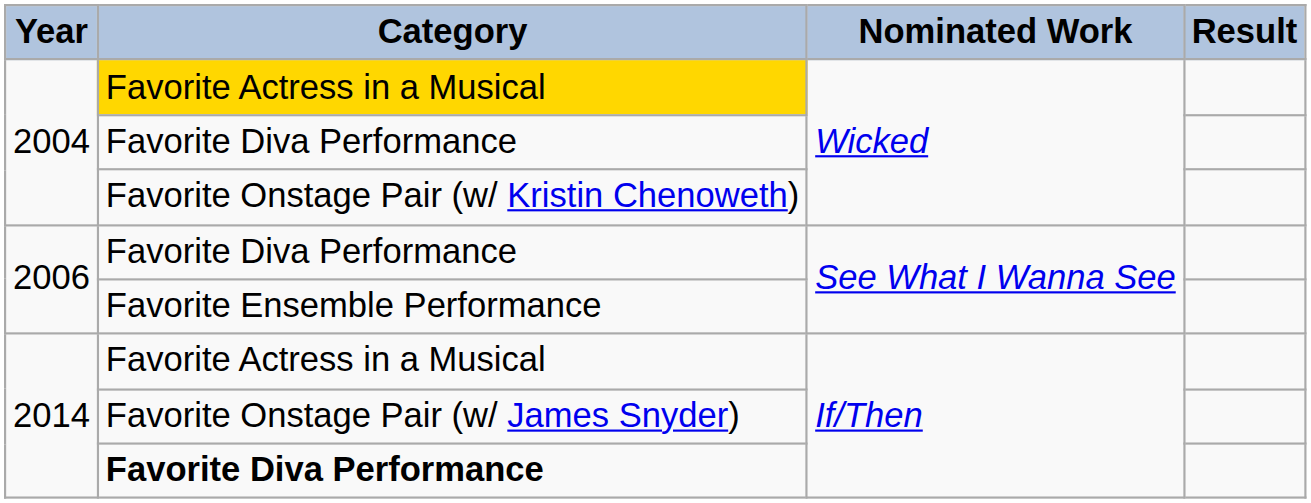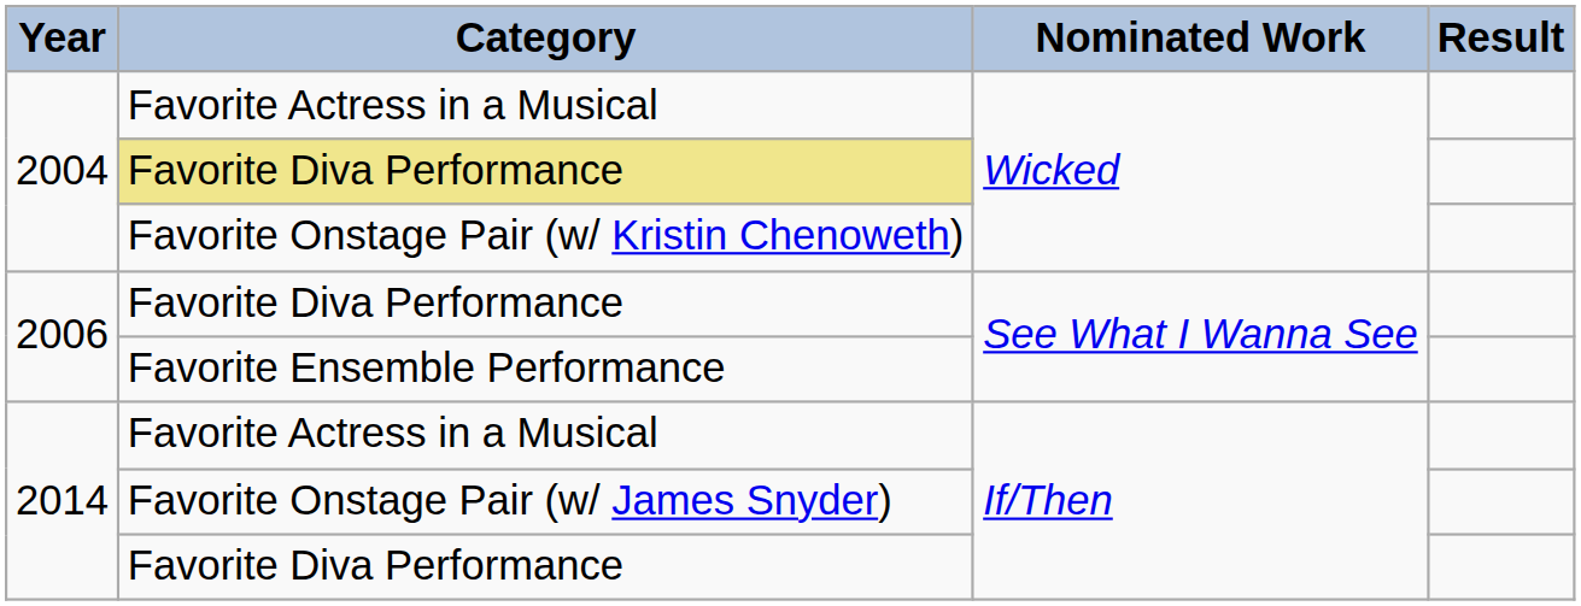 <table class="wikitable">
 <tr align="center">
 <th style="background:#B0C4DE">Year</th>
 <th style="background:#B0C4DE">Category</th>
 <th style="background:#B0C4DE">Nominated Work</th>
 <th style="background:#B0C4DE">Result</th>
 </tr>
 <tr>
 <td rowspan="3">2004</td>
-<td style="background: gold;">Favorite Actress in a Musical</td>
+<td>Favorite Actress in a Musical</td>
 <td rowspan="3"><em><a href='#'>Wicked</a></em></td>
 <td></td>
 </tr>
 <tr>
-<td>Favorite Diva Performance</td>
+<td style="background: khaki;">Favorite Diva Performance</td>
 <td></td>
 </tr>
 <tr>
 <td>Favorite Onstage Pair (w/ <a href='#'>Kristin Chenoweth</a>)</td>
 <td></td>
 </tr>
 <tr>
 <td rowspan="2">2006</td>
 <td>Favorite Diva Performance</td>
 <td rowspan="2"><em><a href='#'>See What I Wanna See</a></em></td>
 <td></td>
 </tr>
 <tr>
 <td>Favorite Ensemble Performance</td>
 <td></td>
 </tr>
 <tr>
 <td rowspan="3">2014</td>
 <td>Favorite Actress in a Musical</td>
 <td rowspan="3"><em><a href='#'>If/Then</a></em></td>
 <td></td>
 </tr>
 <tr>
 <td>Favorite Onstage Pair (w/ <a href='#'>James Snyder</a>)</td>
 <td></td>
 </tr>
 <tr>
-<td><strong>Favorite Diva Performance</strong></td>
+<td>Favorite Diva Performance</td>
 <td></td>
 </tr>
 </table>
